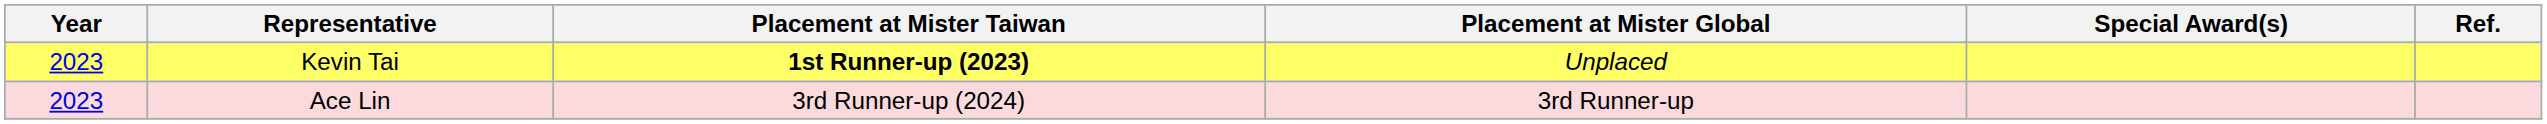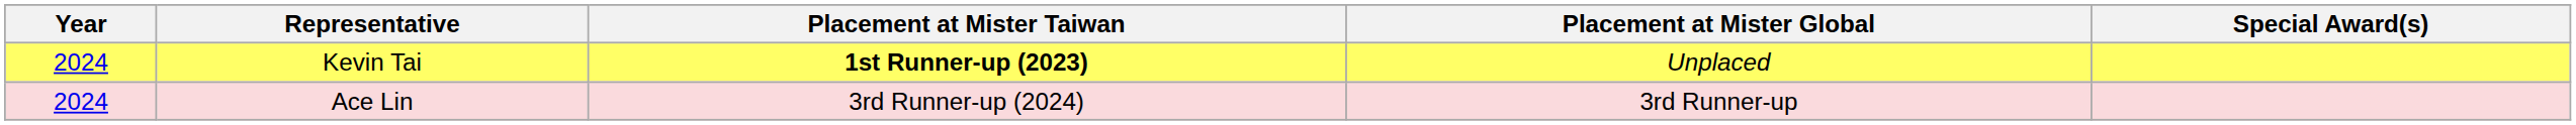 <table class="wikitable sortable" style="font-size: 85%;text-align:center" width="90%">
 <tr>
 <th>Year</th>
 <th>Representative</th>
 <th>Placement at Mister Taiwan</th>
 <th>Placement at Mister Global</th>
 <th>Special Award(s)</th>
-<th>Ref.</th>
 </tr>
 <tr bgcolor=#FFFF66>
-<td><a href='#'>2023</a></td>
+<td><a href='#'>2024</a></td>
 <td nowrap>Kevin Tai</td>
 <td><strong>1st Runner-up (2023)</strong></td>
 <td><em>Unplaced</em></td>
 <td></td>
-<td></td>
 </tr>
 <tr style="background-color:#FADADD;">
-<td><a href='#'>2023</a></td>
+<td><a href='#'>2024</a></td>
 <td>Ace Lin</td>
 <td nowrap>3rd Runner-up (2024)</td>
 <td nowrap>3rd Runner-up</td>
 <td style="background:;"></td>
-<td></td>
 </tr>
 </table>
